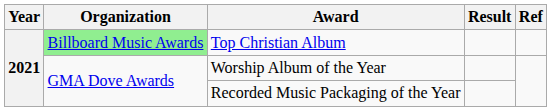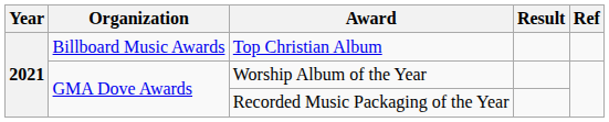 <table class="wikitable plainrowheaders">
 <tr>
 <th>Year</th>
 <th>Organization</th>
 <th>Award</th>
 <th>Result</th>
 <th>Ref</th>
 </tr>
 <tr>
 <th rowspan="3">2021</th>
-<td style="background: lightgreen;"><a href='#'>Billboard Music Awards</a></td>
+<td><a href='#'>Billboard Music Awards</a></td>
 <td><a href='#'>Top Christian Album</a></td>
 <td></td>
 <td></td>
 </tr>
 <tr>
 <td rowspan="2"><a href='#'>GMA Dove Awards</a></td>
 <td>Worship Album of the Year</td>
 <td></td>
 <td rowspan="2"><br></td>
 </tr>
 <tr>
 <td>Recorded Music Packaging of the Year</td>
 <td></td>
 </tr>
 </table>
